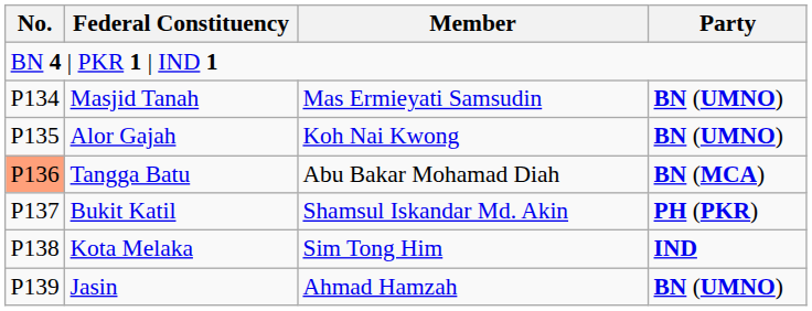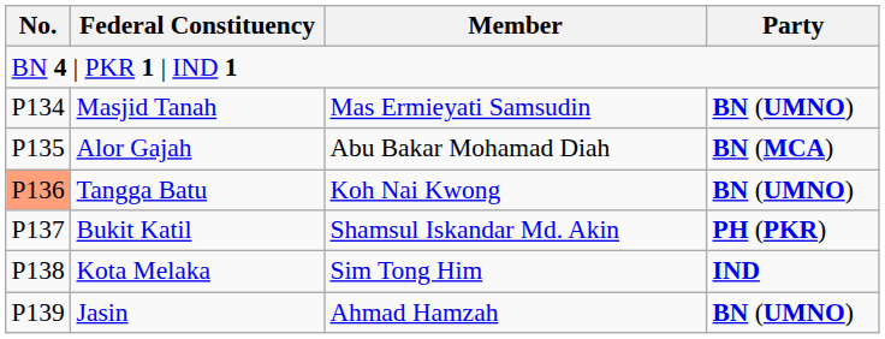 <table class ="wikitable sortable">
 <tr>
 <th style="width:30px;">No.</th>
 <th style="width:150px;">Federal Constituency</th>
 <th style="width:230px;">Member</th>
 <th style="width:100px;">Party</th>
 </tr>
 <tr>
 <td colspan="4"><a href='#'>BN</a> <strong>4</strong> | <a href='#'>PKR</a> <strong>1</strong> | <a href='#'>IND</a> <strong>1</strong></td>
 </tr>
 <tr>
 <td>P134</td>
 <td><a href='#'>Masjid Tanah</a></td>
 <td><a href='#'>Mas Ermieyati Samsudin</a></td>
 <td><strong><a href='#'>BN</a></strong> (<strong><a href='#'>UMNO</a></strong>)</td>
 </tr>
 <tr>
 <td>P135</td>
 <td><a href='#'>Alor Gajah</a></td>
-<td><a href='#'>Koh Nai Kwong</a></td>
-<td><strong><a href='#'>BN</a></strong> (<strong><a href='#'>UMNO</a></strong>)</td>
+<td>Abu Bakar Mohamad Diah</td>
+<td><strong><a href='#'>BN</a></strong> (<strong><a href='#'>MCA</a></strong>)</td>
 </tr>
 <tr>
 <td style="background: lightsalmon;">P136</td>
 <td><a href='#'>Tangga Batu</a></td>
-<td>Abu Bakar Mohamad Diah</td>
-<td><strong><a href='#'>BN</a></strong> (<strong><a href='#'>MCA</a></strong>)</td>
+<td><a href='#'>Koh Nai Kwong</a></td>
+<td><strong><a href='#'>BN</a></strong> (<strong><a href='#'>UMNO</a></strong>)</td>
 </tr>
 <tr>
 <td>P137</td>
 <td><a href='#'>Bukit Katil</a></td>
 <td><a href='#'>Shamsul Iskandar Md. Akin</a></td>
 <td><strong><a href='#'>PH</a></strong> (<strong><a href='#'>PKR</a></strong>)</td>
 </tr>
 <tr>
 <td>P138</td>
 <td><a href='#'>Kota Melaka</a></td>
 <td><a href='#'>Sim Tong Him</a></td>
 <td><strong><a href='#'>IND</a></strong></td>
 </tr>
 <tr>
 <td>P139</td>
 <td><a href='#'>Jasin</a></td>
 <td><a href='#'>Ahmad Hamzah</a></td>
 <td><strong><a href='#'>BN</a></strong> (<strong><a href='#'>UMNO</a></strong>)</td>
 </tr>
 </table>
